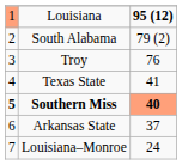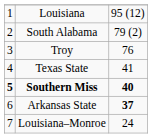 <table class="wikitable" style="display: inline-table;">
 <tr align="center">
 </tr>
 <tr align="center">
-<td style="background: lightsalmon;">1</td>
+<td>1</td>
 <td>Louisiana</td>
-<td><strong>95 (12)</strong></td>
+<td>95 (12)</td>
 </tr>
 <tr align="center">
 <td>2</td>
 <td>South Alabama</td>
 <td>79 (2)</td>
 </tr>
 <tr align="center">
 <td>3</td>
 <td>Troy</td>
 <td>76</td>
 </tr>
 <tr align="center">
 <td>4</td>
 <td>Texas State</td>
 <td>41</td>
 </tr>
 <tr align="center">
 <td><strong>5</strong></td>
 <td><strong>Southern Miss</strong></td>
-<td style="background: lightsalmon;"><strong>40</strong></td>
+<td><strong>40</strong></td>
 </tr>
 <tr align="center">
 <td>6</td>
 <td>Arkansas State</td>
-<td>37</td>
+<td><strong>37</strong></td>
 </tr>
 <tr align="center">
 <td>7</td>
 <td>Louisiana–Monroe</td>
 <td>24</td>
 </tr>
 </table>
